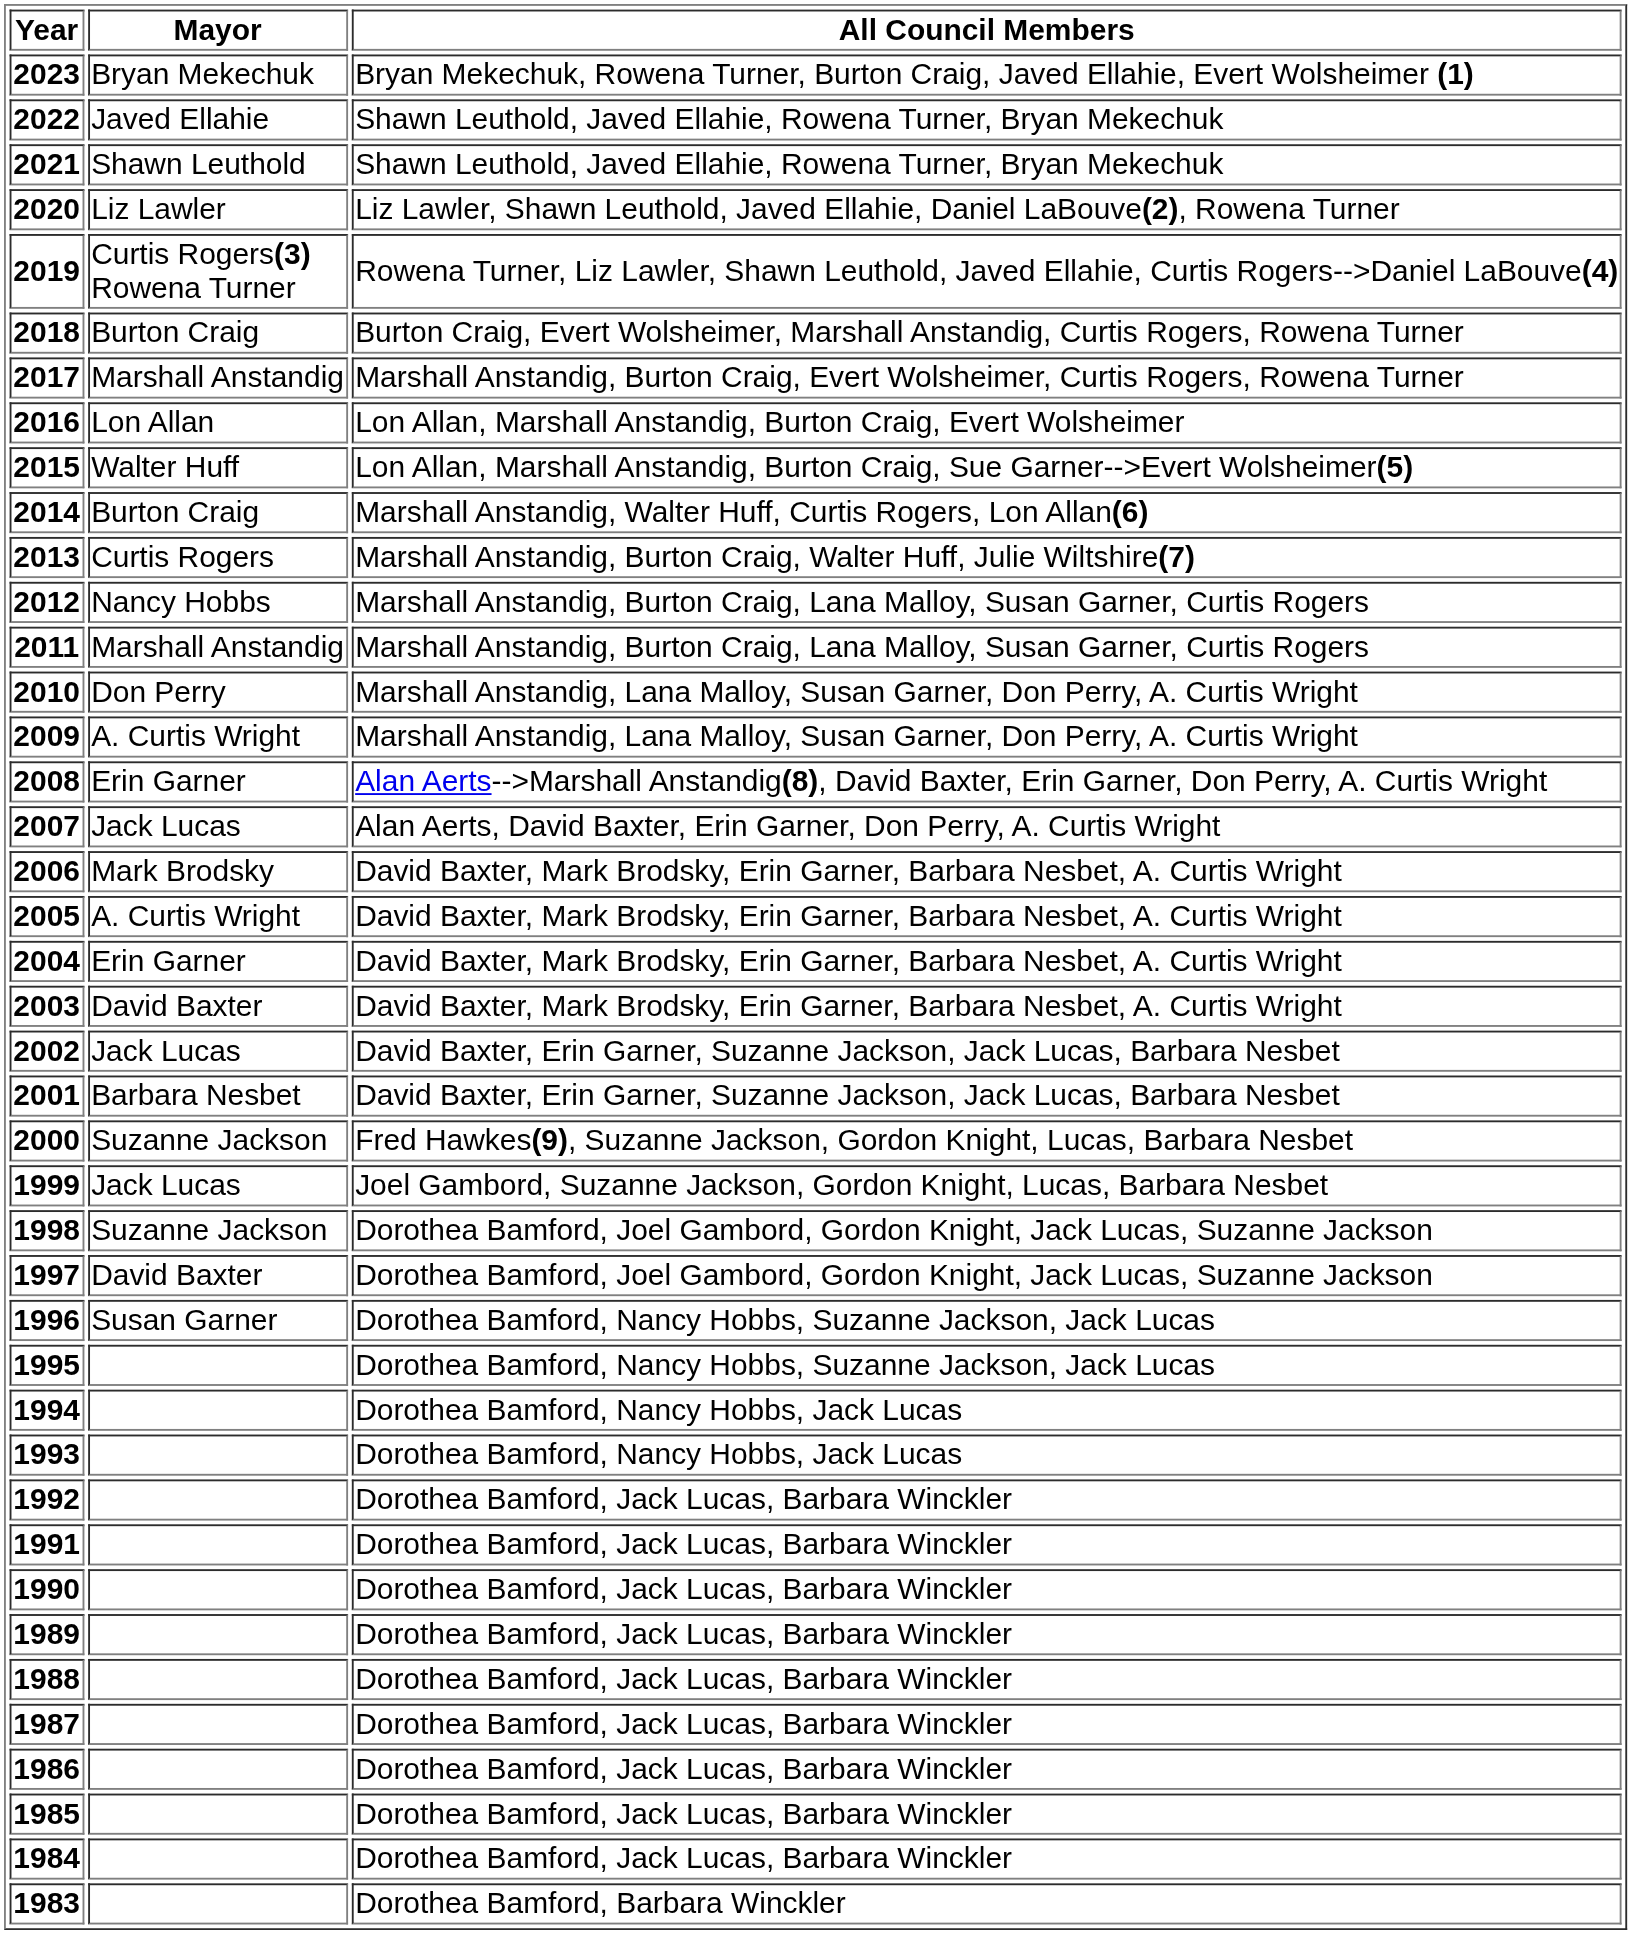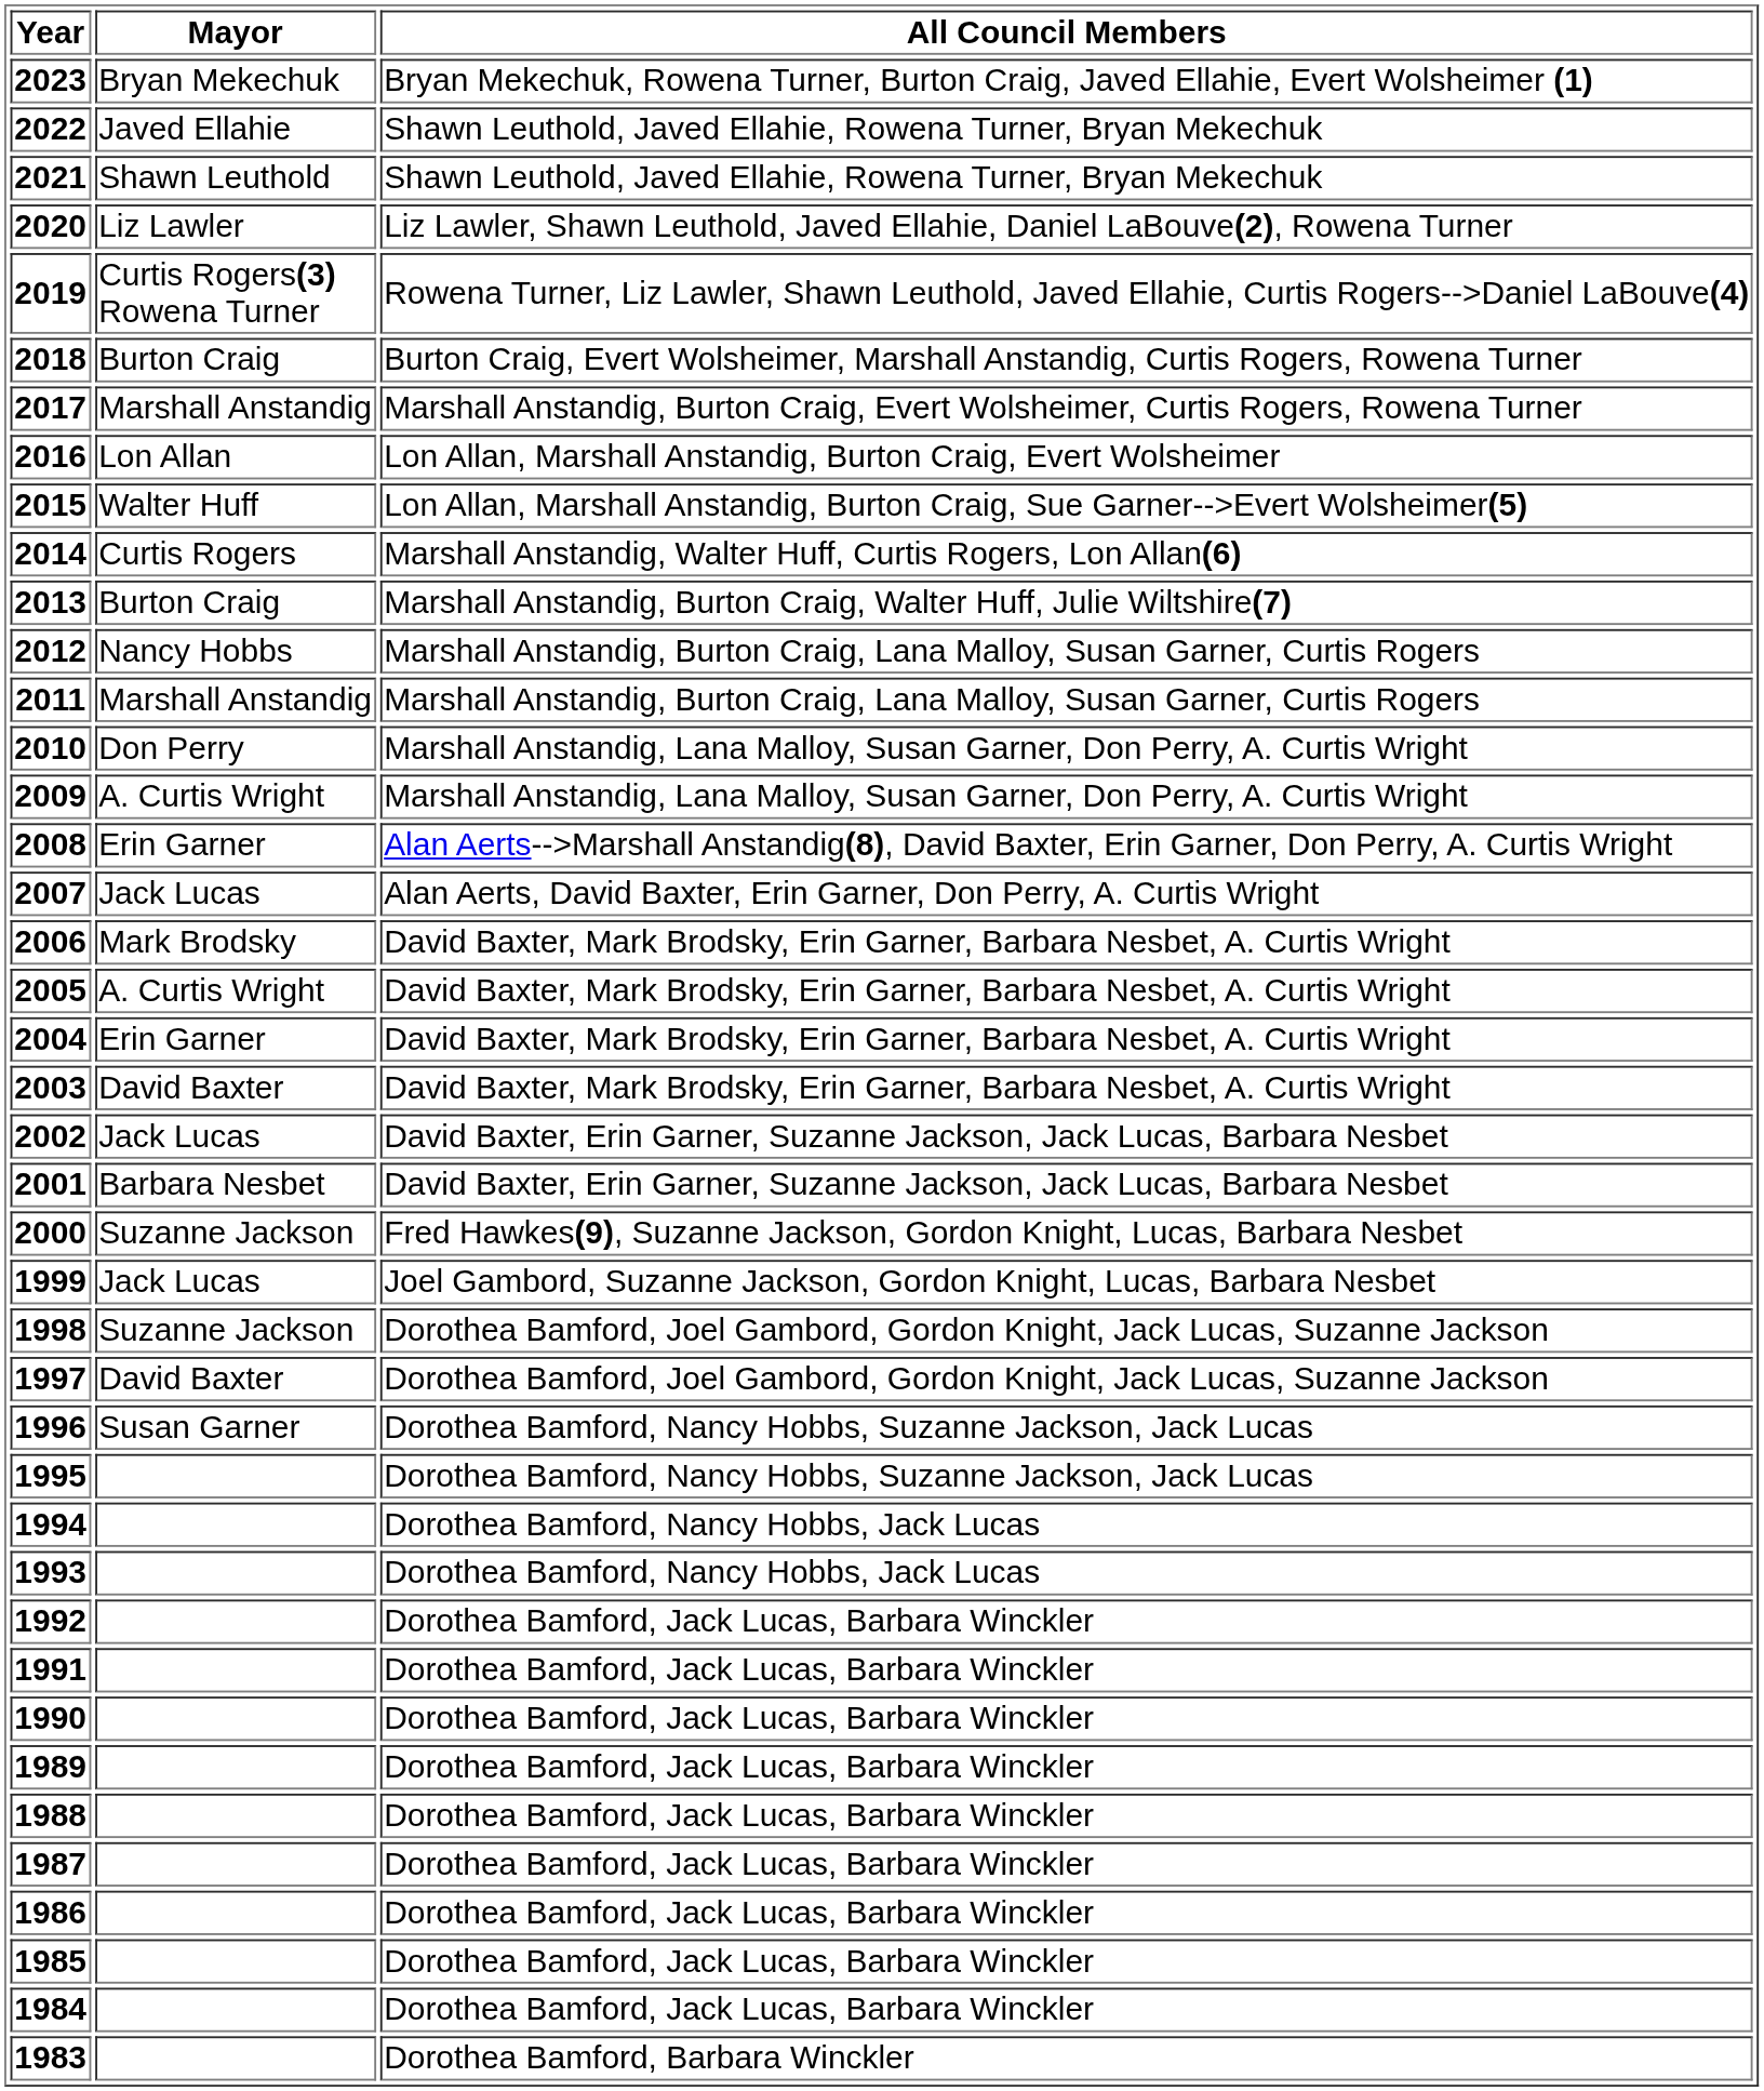 <table border="1">
 <tr>
 <th>Year</th>
 <th>Mayor</th>
 <th>All Council Members</th>
 </tr>
 <tr>
 <th>2023</th>
 <td>Bryan Mekechuk</td>
 <td>Bryan Mekechuk, Rowena Turner, Burton Craig, Javed Ellahie, Evert Wolsheimer <strong>(1)</strong></td>
 </tr>
 <tr>
 <th>2022</th>
 <td>Javed Ellahie</td>
 <td>Shawn Leuthold, Javed Ellahie, Rowena Turner, Bryan Mekechuk</td>
 </tr>
 <tr>
 <th>2021</th>
 <td>Shawn Leuthold</td>
 <td>Shawn Leuthold, Javed Ellahie, Rowena Turner, Bryan Mekechuk</td>
 </tr>
 <tr ->
 <th>2020</th>
 <td>Liz Lawler</td>
 <td>Liz Lawler, Shawn Leuthold, Javed Ellahie, Daniel LaBouve<strong>(2)</strong>, Rowena Turner</td>
 </tr>
 <tr>
 <th>2019</th>
 <td>Curtis Rogers<strong>(3)</strong><br>Rowena Turner</td>
 <td>Rowena Turner, Liz Lawler, Shawn Leuthold, Javed Ellahie, Curtis Rogers-->Daniel LaBouve<strong>(4)</strong></td>
 </tr>
 <tr>
 <th>2018</th>
 <td>Burton Craig</td>
 <td>Burton Craig, Evert Wolsheimer, Marshall Anstandig, Curtis Rogers, Rowena Turner</td>
 </tr>
 <tr>
 <th>2017</th>
 <td>Marshall Anstandig</td>
 <td>Marshall Anstandig, Burton Craig, Evert Wolsheimer, Curtis Rogers, Rowena Turner</td>
 </tr>
 <tr>
 <th>2016</th>
 <td>Lon Allan</td>
 <td>Lon Allan, Marshall Anstandig, Burton Craig, Evert Wolsheimer</td>
 </tr>
 <tr>
 <th>2015</th>
 <td>Walter Huff</td>
 <td>Lon Allan, Marshall Anstandig, Burton Craig, Sue Garner-->Evert Wolsheimer<strong>(5)</strong></td>
 </tr>
 <tr>
 <th>2014</th>
-<td>Burton Craig</td>
+<td>Curtis Rogers</td>
 <td>Marshall Anstandig, Walter Huff, Curtis Rogers, Lon Allan<strong>(6)</strong></td>
 </tr>
 <tr>
 <th>2013</th>
-<td>Curtis Rogers</td>
+<td>Burton Craig</td>
 <td>Marshall Anstandig, Burton Craig, Walter Huff, Julie Wiltshire<strong>(7)</strong></td>
 </tr>
 <tr>
 <th>2012</th>
 <td>Nancy Hobbs</td>
 <td>Marshall Anstandig, Burton Craig, Lana Malloy, Susan Garner, Curtis Rogers</td>
 </tr>
 <tr>
 <th>2011</th>
 <td>Marshall Anstandig</td>
 <td>Marshall Anstandig, Burton Craig, Lana Malloy, Susan Garner, Curtis Rogers</td>
 </tr>
 <tr>
 <th>2010</th>
 <td>Don Perry</td>
 <td>Marshall Anstandig, Lana Malloy, Susan Garner, Don Perry, A. Curtis Wright</td>
 </tr>
 <tr>
 <th>2009</th>
 <td>A. Curtis Wright</td>
 <td>Marshall Anstandig, Lana Malloy, Susan Garner, Don Perry, A. Curtis Wright</td>
 </tr>
 <tr>
 <th>2008</th>
 <td>Erin Garner</td>
 <td><a href='#'>Alan Aerts</a>-->Marshall Anstandig<strong>(8)</strong>, David Baxter, Erin Garner, Don Perry, A. Curtis Wright</td>
 </tr>
 <tr>
 <th>2007</th>
 <td>Jack Lucas</td>
 <td>Alan Aerts, David Baxter, Erin Garner, Don Perry, A. Curtis Wright</td>
 </tr>
 <tr>
 <th>2006</th>
 <td>Mark Brodsky</td>
 <td>David Baxter, Mark Brodsky, Erin Garner, Barbara Nesbet, A. Curtis Wright</td>
 </tr>
 <tr>
 <th>2005</th>
 <td>A. Curtis Wright</td>
 <td>David Baxter, Mark Brodsky, Erin Garner, Barbara Nesbet, A. Curtis Wright</td>
 </tr>
 <tr>
 <th>2004</th>
 <td>Erin Garner</td>
 <td>David Baxter, Mark Brodsky, Erin Garner, Barbara Nesbet, A. Curtis Wright</td>
 </tr>
 <tr>
 <th>2003</th>
 <td>David Baxter</td>
 <td>David Baxter, Mark Brodsky, Erin Garner, Barbara Nesbet, A. Curtis Wright</td>
 </tr>
 <tr>
 <th>2002</th>
 <td>Jack Lucas</td>
 <td>David Baxter, Erin Garner, Suzanne Jackson, Jack Lucas, Barbara Nesbet</td>
 </tr>
 <tr>
 <th>2001</th>
 <td>Barbara Nesbet</td>
 <td>David Baxter, Erin Garner, Suzanne Jackson, Jack Lucas, Barbara Nesbet</td>
 </tr>
 <tr>
 <th>2000</th>
 <td>Suzanne Jackson</td>
 <td>Fred Hawkes<strong>(9)</strong>, Suzanne Jackson, Gordon Knight, Lucas, Barbara Nesbet</td>
 </tr>
 <tr>
 <th>1999</th>
 <td>Jack Lucas</td>
 <td>Joel Gambord, Suzanne Jackson, Gordon Knight, Lucas, Barbara Nesbet</td>
 </tr>
 <tr>
 <th>1998</th>
 <td>Suzanne Jackson</td>
 <td>Dorothea Bamford, Joel Gambord, Gordon Knight, Jack Lucas, Suzanne Jackson</td>
 </tr>
 <tr>
 <th>1997</th>
 <td>David Baxter</td>
 <td>Dorothea Bamford, Joel Gambord, Gordon Knight, Jack Lucas, Suzanne Jackson</td>
 </tr>
 <tr>
 <th>1996</th>
 <td>Susan Garner</td>
 <td>Dorothea Bamford, Nancy Hobbs, Suzanne Jackson, Jack Lucas</td>
 </tr>
 <tr>
 <th>1995</th>
 <td></td>
 <td>Dorothea Bamford, Nancy Hobbs, Suzanne Jackson, Jack Lucas</td>
 </tr>
 <tr>
 <th>1994</th>
 <td></td>
 <td>Dorothea Bamford, Nancy Hobbs, Jack Lucas</td>
 </tr>
 <tr>
 <th>1993</th>
 <td></td>
 <td>Dorothea Bamford, Nancy Hobbs, Jack Lucas</td>
 </tr>
 <tr>
 <th>1992</th>
 <td></td>
 <td>Dorothea Bamford, Jack Lucas, Barbara Winckler</td>
 </tr>
 <tr>
 <th>1991</th>
 <td></td>
 <td>Dorothea Bamford, Jack Lucas, Barbara Winckler</td>
 </tr>
 <tr>
 <th>1990</th>
 <td></td>
 <td>Dorothea Bamford, Jack Lucas, Barbara Winckler</td>
 </tr>
 <tr>
 <th>1989</th>
 <td></td>
 <td>Dorothea Bamford, Jack Lucas, Barbara Winckler</td>
 </tr>
 <tr>
 <th>1988</th>
 <td></td>
 <td>Dorothea Bamford, Jack Lucas, Barbara Winckler</td>
 </tr>
 <tr>
 <th>1987</th>
 <td></td>
 <td>Dorothea Bamford, Jack Lucas, Barbara Winckler</td>
 </tr>
 <tr>
 <th>1986</th>
 <td></td>
 <td>Dorothea Bamford, Jack Lucas, Barbara Winckler</td>
 </tr>
 <tr>
 <th>1985</th>
 <td></td>
 <td>Dorothea Bamford, Jack Lucas, Barbara Winckler</td>
 </tr>
 <tr>
 <th>1984</th>
 <td></td>
 <td>Dorothea Bamford, Jack Lucas, Barbara Winckler</td>
 </tr>
 <tr>
 <th>1983</th>
 <td></td>
 <td>Dorothea Bamford, Barbara Winckler</td>
 </tr>
 </table>
